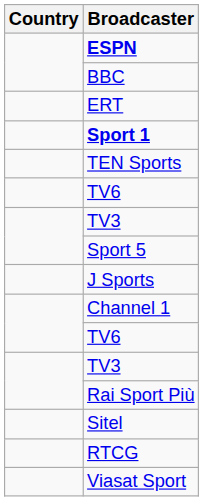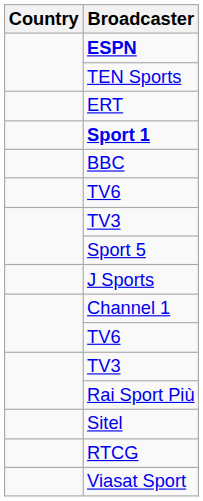 <table class="wikitable">
 <tr>
 <th align=center>Country</th>
 <th align=center>Broadcaster</th>
 </tr>
 <tr>
 <td align=left rowspan="2"></td>
 <td><strong><a href='#'>ESPN</a></strong></td>
 </tr>
 <tr>
-<td><a href='#'>BBC</a></td>
+<td><a href='#'>TEN Sports</a></td>
 </tr>
 <tr>
 <td></td>
 <td><a href='#'>ERT</a></td>
 </tr>
 <tr>
 <td align=left></td>
 <td><strong><a href='#'>Sport 1</a></strong></td>
 </tr>
 <tr>
 <td align=left></td>
-<td><a href='#'>TEN Sports</a></td>
+<td><a href='#'>BBC</a></td>
 </tr>
 <tr>
 <td></td>
 <td><a href='#'>TV6</a></td>
 </tr>
 <tr>
 <td align=left rowspan="2"></td>
 <td><a href='#'>TV3</a></td>
 </tr>
 <tr>
 <td><a href='#'>Sport 5</a></td>
 </tr>
 <tr>
 <td align=left></td>
 <td><a href='#'>J Sports</a></td>
 </tr>
 <tr>
 <td align=left rowspan="2"></td>
 <td><a href='#'>Channel 1</a></td>
 </tr>
 <tr>
 <td><a href='#'>TV6</a></td>
 </tr>
 <tr>
 <td align=left rowspan="2"></td>
 <td><a href='#'>TV3</a></td>
 </tr>
 <tr>
 <td><a href='#'>Rai Sport Più</a></td>
 </tr>
 <tr>
 <td></td>
 <td><a href='#'>Sitel</a></td>
 </tr>
 <tr>
 <td align=left></td>
 <td><a href='#'>RTCG</a></td>
 </tr>
 <tr>
 <td align=left></td>
 <td><a href='#'>Viasat Sport</a></td>
 </tr>
 </table>
